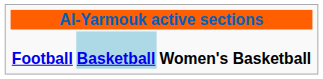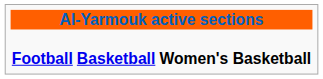 <table class="infobox" style="width: 20em; font-size: 95%em;">
 <tr style="color:#0060BF; background:#FF5F00; text-align:center;">
 <th colspan="3">Al-Yarmouk active sections</th>
 </tr>
 <tr style="text-align: center">
 <td><br><strong><a href='#'>Football</a></strong></td>
-<td style="background: lightblue;"><br><strong><a href='#'>Basketball</a></strong></td>
+<td><br><strong><a href='#'>Basketball</a></strong></td>
 <td><br><strong>Women's Basketball</strong></td>
 </tr>
 </table>
